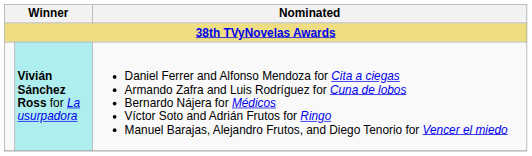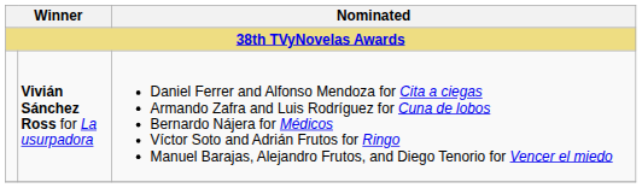 <table class="wikitable" width=80%>
 <tr align=center>
 <th width="150px;" colspan=2; align="center">Winner</th>
 <th width="580px;" align="center">Nominated</th>
 </tr>
 <tr>
 <th colspan=9 style="background:#EEDD82;"  align="center"><strong><a href='#'>38th TVyNovelas Awards</a></strong></th>
 </tr>
 <tr>
 <td width=2%></td>
-<td style="background: paleturquoise;"><strong>Vivián Sánchez Ross</strong> for <em><a href='#'>La usurpadora</a></em></td>
+<td><strong>Vivián Sánchez Ross</strong> for <em><a href='#'>La usurpadora</a></em></td>
 <td><br><ul><li>Daniel Ferrer and Alfonso Mendoza for <em><a href='#'>Cita a ciegas</a></em></li><li>Armando Zafra and Luis Rodríguez for <em><a href='#'>Cuna de lobos</a></em></li><li>Bernardo Nájera for <em><a href='#'>Médicos</a></em></li><li>Víctor Soto and Adrián Frutos for <em><a href='#'>Ringo</a></em></li><li>Manuel Barajas, Alejandro Frutos, and Diego Tenorio for <em><a href='#'>Vencer el miedo</a></em></li></ul></td>
 </tr>
 <tr>
 </tr>
 </table>
